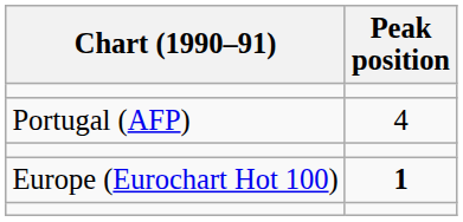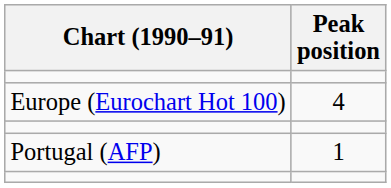 <table class="wikitable sortable">
 <tr>
 <th scope=row>Chart (1990–91)</th>
 <th scope=row>Peak<br>position</th>
 </tr>
 <tr>
 <td></td>
 </tr>
 <tr>
-<td>Portugal (<a href='#'>AFP</a>)</td>
+<td>Europe (<a href='#'>Eurochart Hot 100</a>)</td>
 <td align="center">4</td>
 </tr>
 <tr>
 <td></td>
 </tr>
 <tr>
-<td>Europe (<a href='#'>Eurochart Hot 100</a>)</td>
-<td align="center"><strong>1</strong></td>
+<td>Portugal (<a href='#'>AFP</a>)</td>
+<td align="center">1</td>
 </tr>
 <tr>
 <td></td>
 </tr>
 </table>
